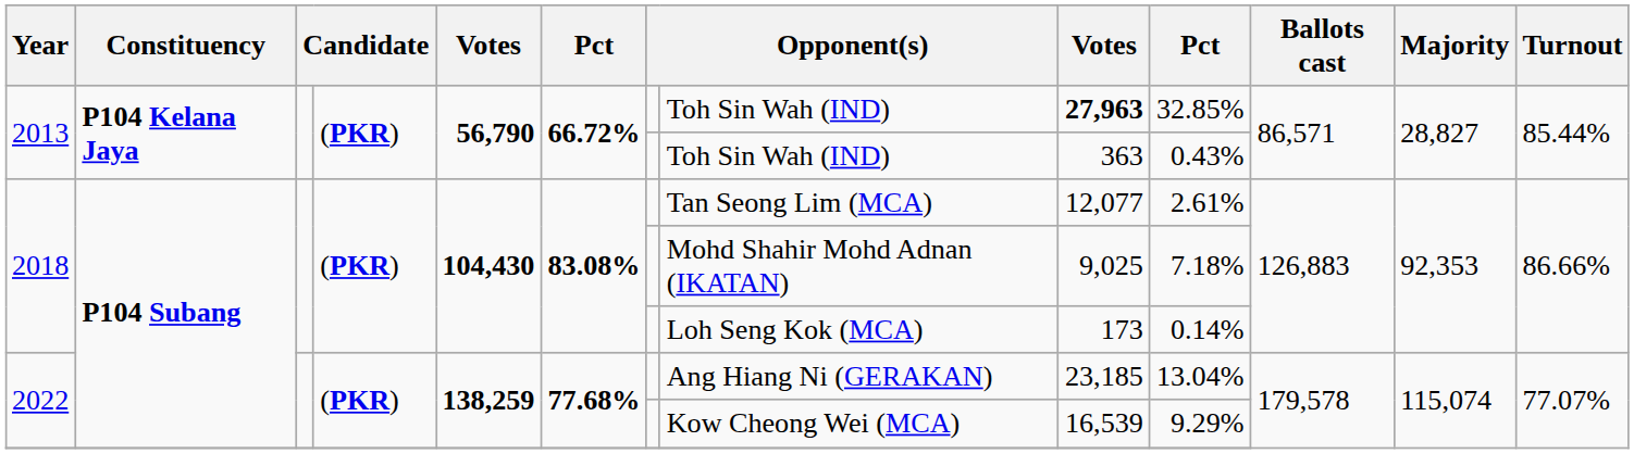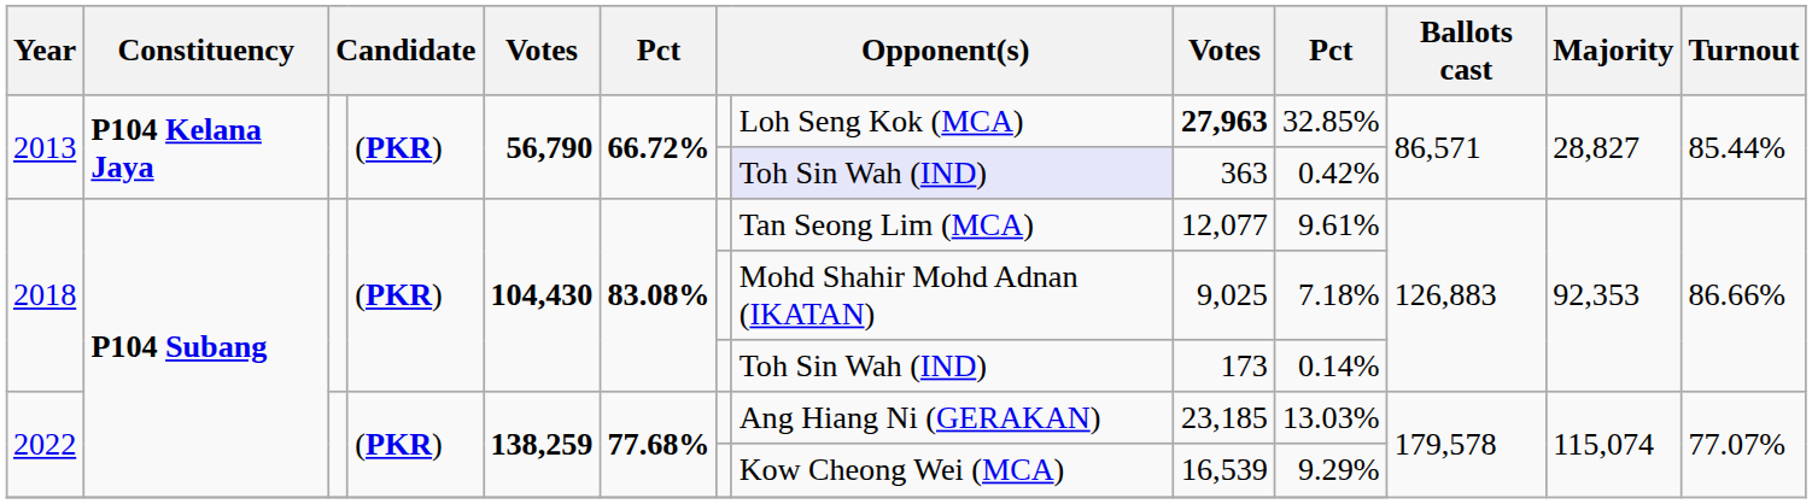 <table class="wikitable" style="margin:0.5em ; font-size:95%">
 <tr>
 <th>Year</th>
 <th>Constituency</th>
 <th colspan=2>Candidate</th>
 <th>Votes</th>
 <th>Pct</th>
 <th colspan=2>Opponent(s)</th>
 <th>Votes</th>
 <th>Pct</th>
 <th>Ballots cast</th>
 <th>Majority</th>
 <th>Turnout</th>
 </tr>
 <tr>
 <td rowspan=2><a href='#'>2013</a></td>
 <td rowspan=2><strong>P104 <a href='#'>Kelana Jaya</a></strong></td>
 <td rowspan=2 ></td>
 <td rowspan=2> (<a href='#'><strong>PKR</strong></a>)</td>
 <td rowspan=2 align="right"><strong>56,790</strong></td>
 <td rowspan=2><strong>66.72%</strong></td>
 <td></td>
-<td>Toh Sin Wah (<a href='#'>IND</a>)</td>
+<td>Loh Seng Kok (<a href='#'>MCA</a>)</td>
 <td align="right"><strong>27,963</strong></td>
 <td>32.85%</td>
 <td rowspan=2>86,571</td>
 <td rowspan=2>28,827</td>
 <td rowspan=2>85.44%</td>
 </tr>
 <tr>
 <td></td>
-<td>Toh Sin Wah (<a href='#'>IND</a>)</td>
+<td style="background: lavender;">Toh Sin Wah (<a href='#'>IND</a>)</td>
 <td align="right">363</td>
-<td align="right">0.43%</td>
+<td align="right">0.42%</td>
 </tr>
 <tr>
 <td rowspan=3><a href='#'>2018</a></td>
 <td rowspan=5><strong>P104 <a href='#'>Subang</a></strong></td>
 <td rowspan=3 ></td>
 <td rowspan=3> (<a href='#'><strong>PKR</strong></a>)</td>
 <td rowspan=3 align="right"><strong>104,430</strong></td>
 <td rowspan=3><strong>83.08%</strong></td>
 <td></td>
 <td>Tan Seong Lim (<a href='#'>MCA</a>)</td>
 <td align="right">12,077</td>
-<td align="right">2.61%</td>
+<td align="right">9.61%</td>
 <td rowspan=3>126,883</td>
 <td rowspan=3>92,353</td>
 <td rowspan=3>86.66%</td>
 </tr>
 <tr>
 <td></td>
 <td>Mohd Shahir Mohd Adnan (<a href='#'>IKATAN</a>)</td>
 <td align="right">9,025</td>
 <td align="right">7.18%</td>
 </tr>
 <tr>
 <td></td>
-<td>Loh Seng Kok (<a href='#'>MCA</a>)</td>
+<td>Toh Sin Wah (<a href='#'>IND</a>)</td>
 <td align="right">173</td>
 <td align="right">0.14%</td>
 </tr>
 <tr>
 <td rowspan=2><a href='#'>2022</a></td>
 <td rowspan=2 ></td>
 <td rowspan=2> (<a href='#'><strong>PKR</strong></a>)</td>
 <td rowspan=2 align="right"><strong>138,259</strong></td>
 <td rowspan=2><strong>77.68%</strong></td>
 <td bgcolor=></td>
 <td>Ang Hiang Ni (<a href='#'>GERAKAN</a>)</td>
 <td align="right">23,185</td>
-<td>13.04%</td>
+<td>13.03%</td>
 <td rowspan=3>179,578</td>
 <td rowspan=3>115,074</td>
 <td rowspan=3>77.07%</td>
 </tr>
 <tr>
 <td></td>
 <td>Kow Cheong Wei (<a href='#'>MCA</a>)</td>
 <td align="right">16,539</td>
 <td align="right">9.29%</td>
 </tr>
 <tr>
 </tr>
 </table>
